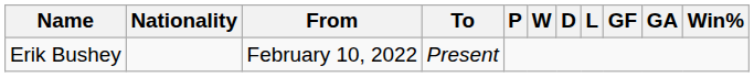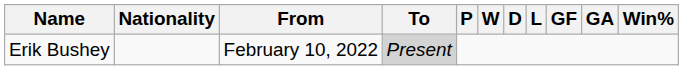 <table class="wikitable plainrowheaders able" style="text-align:center">
 <tr>
 <th>Name</th>
 <th>Nationality</th>
 <th>From</th>
 <th class="unable">To</th>
 <th>P</th>
 <th>W</th>
 <th>D</th>
 <th>L</th>
 <th>GF</th>
 <th>GA</th>
 <th>Win%</th>
 </tr>
 <tr>
 <td scope="row" style="text-align:left">Erik Bushey</td>
 <td align="left"></td>
 <td align="left">February 10, 2022</td>
-<td align="left"><em>Present</em><br></td>
+<td align="left" style="background: lightgrey;"><em>Present</em><br></td>
 </tr>
 </table>
